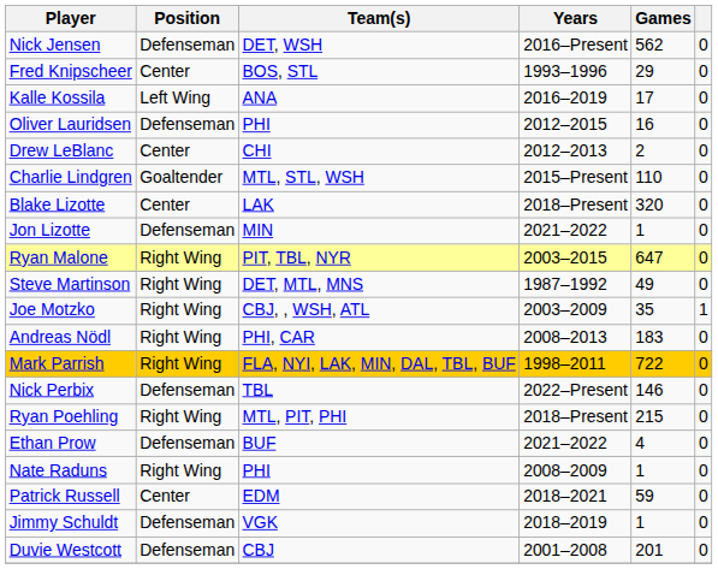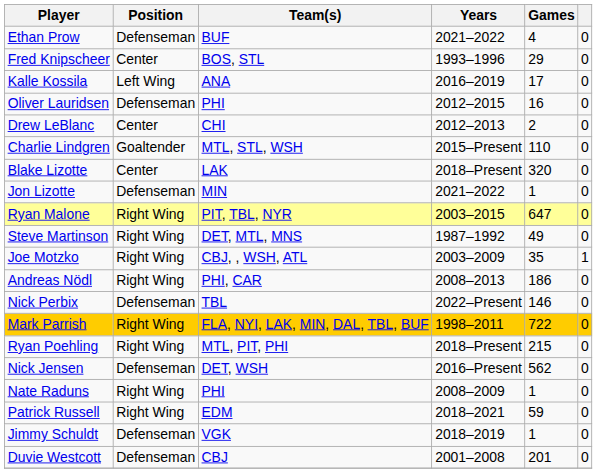 <table class="wikitable sortable">
 <tr>
 <th>Player</th>
 <th>Position</th>
 <th>Team(s)</th>
 <th>Years</th>
 <th>Games</th>
 <th><a href='#'></a></th>
 </tr>
 <tr>
-<td><a href='#'>Nick Jensen</a></td>
+<td><a href='#'>Ethan Prow</a></td>
 <td>Defenseman</td>
-<td><a href='#'>DET</a>, <a href='#'>WSH</a></td>
-<td>2016–Present</td>
-<td>562</td>
+<td><a href='#'>BUF</a></td>
+<td>2021–2022</td>
+<td>4</td>
 <td>0</td>
 </tr>
 <tr>
 <td><a href='#'>Fred Knipscheer</a></td>
 <td>Center</td>
 <td><a href='#'>BOS</a>, <a href='#'>STL</a></td>
 <td>1993–1996</td>
 <td>29</td>
 <td>0</td>
 </tr>
 <tr>
 <td><a href='#'>Kalle Kossila</a></td>
 <td>Left Wing</td>
 <td><a href='#'>ANA</a></td>
 <td>2016–2019</td>
 <td>17</td>
 <td>0</td>
 </tr>
 <tr>
 <td><a href='#'>Oliver Lauridsen</a></td>
 <td>Defenseman</td>
 <td><a href='#'>PHI</a></td>
 <td>2012–2015</td>
 <td>16</td>
 <td>0</td>
 </tr>
 <tr>
 <td><a href='#'>Drew LeBlanc</a></td>
 <td>Center</td>
 <td><a href='#'>CHI</a></td>
 <td>2012–2013</td>
 <td>2</td>
 <td>0</td>
 </tr>
 <tr>
 <td><a href='#'>Charlie Lindgren</a></td>
 <td>Goaltender</td>
 <td><a href='#'>MTL</a>, <a href='#'>STL</a>, <a href='#'>WSH</a></td>
 <td>2015–Present</td>
 <td>110</td>
 <td>0</td>
 </tr>
 <tr>
 <td><a href='#'>Blake Lizotte</a></td>
 <td>Center</td>
 <td><a href='#'>LAK</a></td>
 <td>2018–Present</td>
 <td>320</td>
 <td>0</td>
 </tr>
 <tr>
 <td><a href='#'>Jon Lizotte</a></td>
 <td>Defenseman</td>
 <td><a href='#'>MIN</a></td>
 <td>2021–2022</td>
 <td>1</td>
 <td>0</td>
 </tr>
 <tr bgcolor=FFFF99>
 <td><a href='#'>Ryan Malone</a></td>
 <td>Right Wing</td>
 <td><a href='#'>PIT</a>, <a href='#'>TBL</a>, <a href='#'>NYR</a></td>
 <td>2003–2015</td>
 <td>647</td>
 <td>0</td>
 </tr>
 <tr>
 <td><a href='#'>Steve Martinson</a></td>
 <td>Right Wing</td>
 <td><a href='#'>DET</a>, <a href='#'>MTL</a>, <a href='#'>MNS</a></td>
 <td>1987–1992</td>
 <td>49</td>
 <td>0</td>
 </tr>
 <tr>
 <td><a href='#'>Joe Motzko</a></td>
 <td>Right Wing</td>
 <td><a href='#'>CBJ</a>, <span><strong></strong></span>, <a href='#'>WSH</a>, <a href='#'>ATL</a></td>
 <td>2003–2009</td>
 <td>35</td>
 <td>1</td>
 </tr>
 <tr>
 <td><a href='#'>Andreas Nödl</a></td>
 <td>Right Wing</td>
 <td><a href='#'>PHI</a>, <a href='#'>CAR</a></td>
 <td>2008–2013</td>
-<td>183</td>
+<td>186</td>
+<td>0</td>
+</tr>
+<tr>
+<td><a href='#'>Nick Perbix</a></td>
+<td>Defenseman</td>
+<td><a href='#'>TBL</a></td>
+<td>2022–Present</td>
+<td>146</td>
 <td>0</td>
 </tr>
 <tr bgcolor=FFCC00>
 <td><a href='#'>Mark Parrish</a></td>
 <td>Right Wing</td>
 <td><a href='#'>FLA</a>, <a href='#'>NYI</a>, <a href='#'>LAK</a>, <a href='#'>MIN</a>, <a href='#'>DAL</a>, <a href='#'>TBL</a>, <a href='#'>BUF</a></td>
 <td>1998–2011</td>
 <td>722</td>
 <td>0</td>
 </tr>
 <tr>
-<td><a href='#'>Nick Perbix</a></td>
-<td>Defenseman</td>
-<td><a href='#'>TBL</a></td>
-<td>2022–Present</td>
-<td>146</td>
-<td>0</td>
-</tr>
-<tr>
 <td><a href='#'>Ryan Poehling</a></td>
 <td>Right Wing</td>
 <td><a href='#'>MTL</a>, <a href='#'>PIT</a>, <a href='#'>PHI</a></td>
 <td>2018–Present</td>
 <td>215</td>
 <td>0</td>
 </tr>
 <tr>
-<td><a href='#'>Ethan Prow</a></td>
+<td><a href='#'>Nick Jensen</a></td>
 <td>Defenseman</td>
-<td><a href='#'>BUF</a></td>
-<td>2021–2022</td>
-<td>4</td>
+<td><a href='#'>DET</a>, <a href='#'>WSH</a></td>
+<td>2016–Present</td>
+<td>562</td>
 <td>0</td>
 </tr>
 <tr>
 <td><a href='#'>Nate Raduns</a></td>
 <td>Right Wing</td>
 <td><a href='#'>PHI</a></td>
 <td>2008–2009</td>
 <td>1</td>
 <td>0</td>
 </tr>
 <tr>
 <td><a href='#'>Patrick Russell</a></td>
-<td>Center</td>
+<td>Right Wing</td>
 <td><a href='#'>EDM</a></td>
 <td>2018–2021</td>
 <td>59</td>
 <td>0</td>
 </tr>
 <tr>
 <td><a href='#'>Jimmy Schuldt</a></td>
 <td>Defenseman</td>
 <td><a href='#'>VGK</a></td>
 <td>2018–2019</td>
 <td>1</td>
 <td>0</td>
 </tr>
 <tr>
 <td><a href='#'>Duvie Westcott</a></td>
 <td>Defenseman</td>
 <td><a href='#'>CBJ</a></td>
 <td>2001–2008</td>
 <td>201</td>
 <td>0</td>
 </tr>
 <tr>
 </tr>
 </table>
